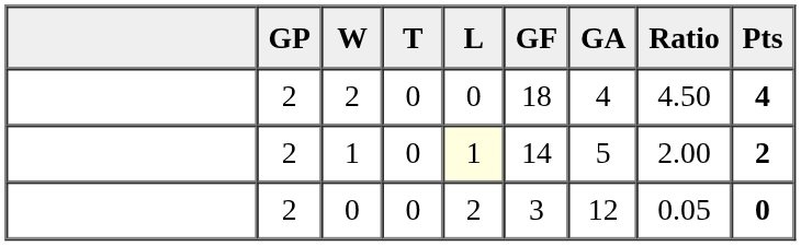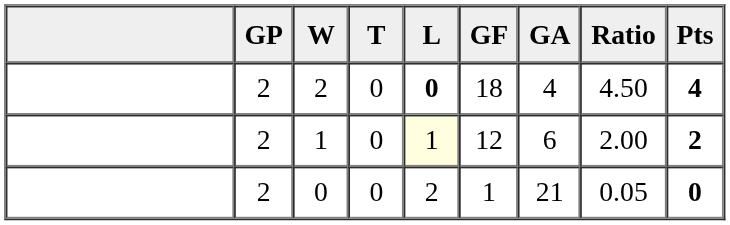 <table border=1 cellpadding=5 cellspacing=0>
 <tr>
 <th bgcolor="#efefef" width="120">　</th>
 <th bgcolor="#efefef" width="20">GP</th>
 <th bgcolor="#efefef" width="20">W</th>
 <th bgcolor="#efefef" width="20">T</th>
 <th bgcolor="#efefef" width="20">L</th>
 <th bgcolor="#efefef" width="20">GF</th>
 <th bgcolor="#efefef" width="20">GA</th>
 <th bgcolor="#efefef" width="20">Ratio</th>
 <th bgcolor="#efefef" width="20">Pts</th>
 </tr>
 <tr align=center>
 <td align=left><strong></strong></td>
 <td>2</td>
 <td>2</td>
 <td>0</td>
-<td>0</td>
+<td><strong>0</strong></td>
 <td>18</td>
 <td>4</td>
 <td>4.50</td>
 <td><strong>4</strong></td>
 </tr>
 <tr align=center>
 <td align=left><strong></strong></td>
 <td>2</td>
 <td>1</td>
 <td>0</td>
 <td style="background: lightyellow;">1</td>
-<td>14</td>
-<td>5</td>
+<td>12</td>
+<td>6</td>
 <td>2.00</td>
 <td><strong>2</strong></td>
 </tr>
 <tr align=center>
 <td align=left></td>
 <td>2</td>
 <td>0</td>
 <td>0</td>
 <td>2</td>
-<td>3</td>
-<td>12</td>
+<td>1</td>
+<td>21</td>
 <td>0.05</td>
 <td><strong>0</strong></td>
 </tr>
 </table>
